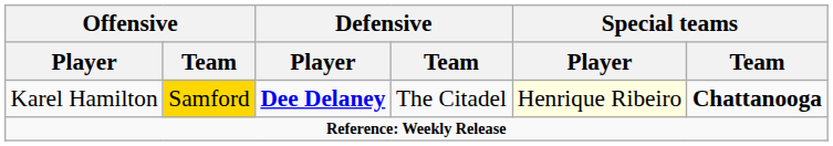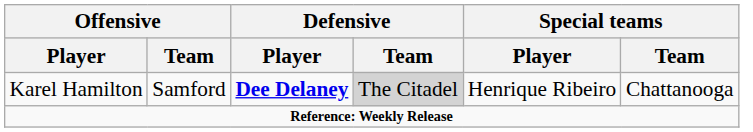 <table class="wikitable" border="1">
 <tr>
 <th colspan="2">Offensive</th>
 <th colspan="2">Defensive</th>
 <th colspan="2">Special teams</th>
 </tr>
 <tr>
 <th>Player</th>
 <th>Team</th>
 <th>Player</th>
 <th>Team</th>
 <th>Player</th>
 <th>Team</th>
 </tr>
 <tr>
 <td>Karel Hamilton</td>
-<td style="background: gold;">Samford</td>
+<td>Samford</td>
 <td><strong><a href='#'>Dee Delaney</a></strong></td>
-<td>The Citadel</td>
-<td style="background: lightyellow;">Henrique Ribeiro</td>
-<td><strong>Chattanooga</strong></td>
+<td style="background: lightgrey;">The Citadel</td>
+<td>Henrique Ribeiro</td>
+<td>Chattanooga</td>
 </tr>
 <tr>
 <td colspan="8" style="font-size: 8pt" align="center"><strong>Reference: Weekly Release</strong></td>
 </tr>
 </table>
